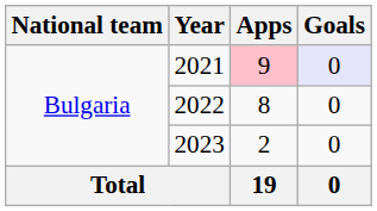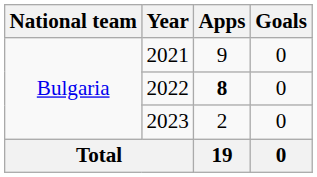 <table class="wikitable" style="text-align:center">
 <tr>
 <th>National team</th>
 <th>Year</th>
 <th>Apps</th>
 <th>Goals</th>
 </tr>
 <tr>
 <td rowspan="3"><a href='#'>Bulgaria</a></td>
 <td>2021</td>
-<td style="background: pink;">9</td>
-<td style="background: lavender;">0</td>
+<td>9</td>
+<td>0</td>
 </tr>
 <tr>
 <td>2022</td>
-<td>8</td>
+<td><strong>8</strong></td>
 <td>0</td>
 </tr>
 <tr>
 <td>2023</td>
 <td>2</td>
 <td>0</td>
 </tr>
 <tr>
 <th colspan="2">Total</th>
 <th>19</th>
 <th>0</th>
 </tr>
 </table>
